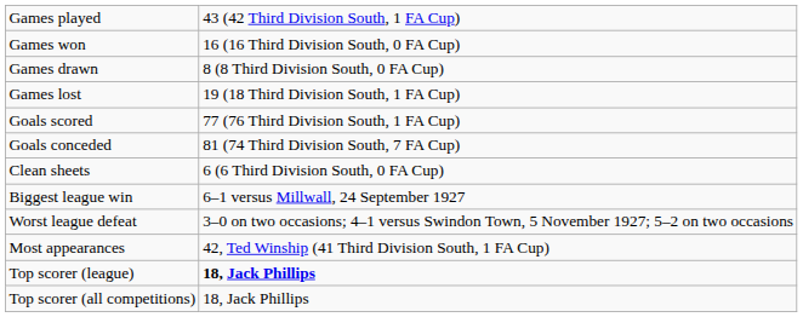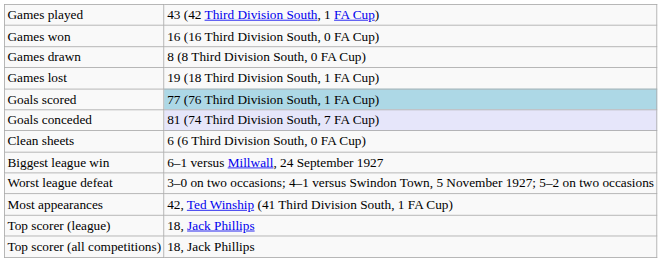 <table class="wikitable">
 <tr>
 <td>Games played</td>
 <td>43 (42 <a href='#'>Third Division South</a>, 1 <a href='#'>FA Cup</a>)</td>
 </tr>
 <tr>
 <td>Games won</td>
 <td>16 (16 Third Division South, 0 FA Cup)</td>
 </tr>
 <tr>
 <td>Games drawn</td>
 <td>8 (8 Third Division South, 0 FA Cup)</td>
 </tr>
 <tr>
 <td>Games lost</td>
 <td>19 (18 Third Division South, 1 FA Cup)</td>
 </tr>
 <tr>
 <td>Goals scored</td>
-<td>77 (76 Third Division South, 1 FA Cup)</td>
+<td style="background: lightblue;">77 (76 Third Division South, 1 FA Cup)</td>
 </tr>
 <tr>
 <td>Goals conceded</td>
-<td>81 (74 Third Division South, 7 FA Cup)</td>
+<td style="background: lavender;">81 (74 Third Division South, 7 FA Cup)</td>
 </tr>
 <tr>
 <td>Clean sheets</td>
 <td>6 (6 Third Division South, 0 FA Cup)</td>
 </tr>
 <tr>
 <td>Biggest league win</td>
 <td>6–1 versus <a href='#'>Millwall</a>, 24 September 1927</td>
 </tr>
 <tr>
 <td>Worst league defeat</td>
 <td>3–0 on two occasions; 4–1 versus Swindon Town, 5 November 1927; 5–2 on two occasions</td>
 </tr>
 <tr>
 <td>Most appearances</td>
 <td>42, <a href='#'>Ted Winship</a> (41 Third Division South, 1 FA Cup)</td>
 </tr>
 <tr>
 <td>Top scorer (league)</td>
-<td><strong>18, <a href='#'>Jack Phillips</a></strong></td>
+<td>18, <a href='#'>Jack Phillips</a></td>
 </tr>
 <tr>
 <td>Top scorer (all competitions)</td>
 <td>18, Jack Phillips</td>
 </tr>
 </table>
